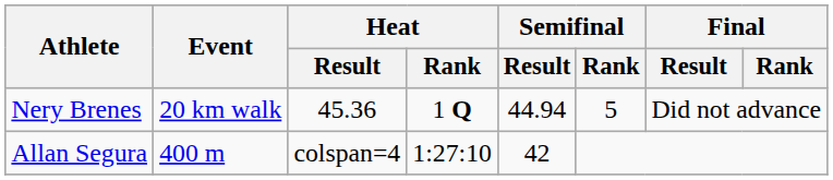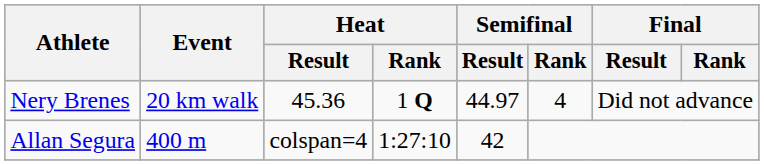 <table class=wikitable style="font-size:90%">
 <tr>
 <th rowspan="2">Athlete</th>
 <th rowspan="2">Event</th>
 <th colspan="2">Heat</th>
 <th colspan="2">Semifinal</th>
 <th colspan="2">Final</th>
 </tr>
 <tr style="font-size:95%">
 <th>Result</th>
 <th>Rank</th>
 <th>Result</th>
 <th>Rank</th>
 <th>Result</th>
 <th>Rank</th>
 </tr>
 <tr align=center>
 <td align=left><a href='#'>Nery Brenes</a></td>
 <td align=left><a href='#'>20 km walk</a></td>
 <td>45.36</td>
 <td>1 <strong>Q</strong></td>
-<td>44.94</td>
-<td>5</td>
+<td>44.97</td>
+<td>4</td>
 <td colspan=2>Did not advance</td>
 </tr>
 <tr align=center>
 <td align=left><a href='#'>Allan Segura</a></td>
 <td align=left><a href='#'>400 m</a></td>
 <td>colspan=4 </td>
 <td>1:27:10</td>
 <td>42</td>
 </tr>
 </table>
